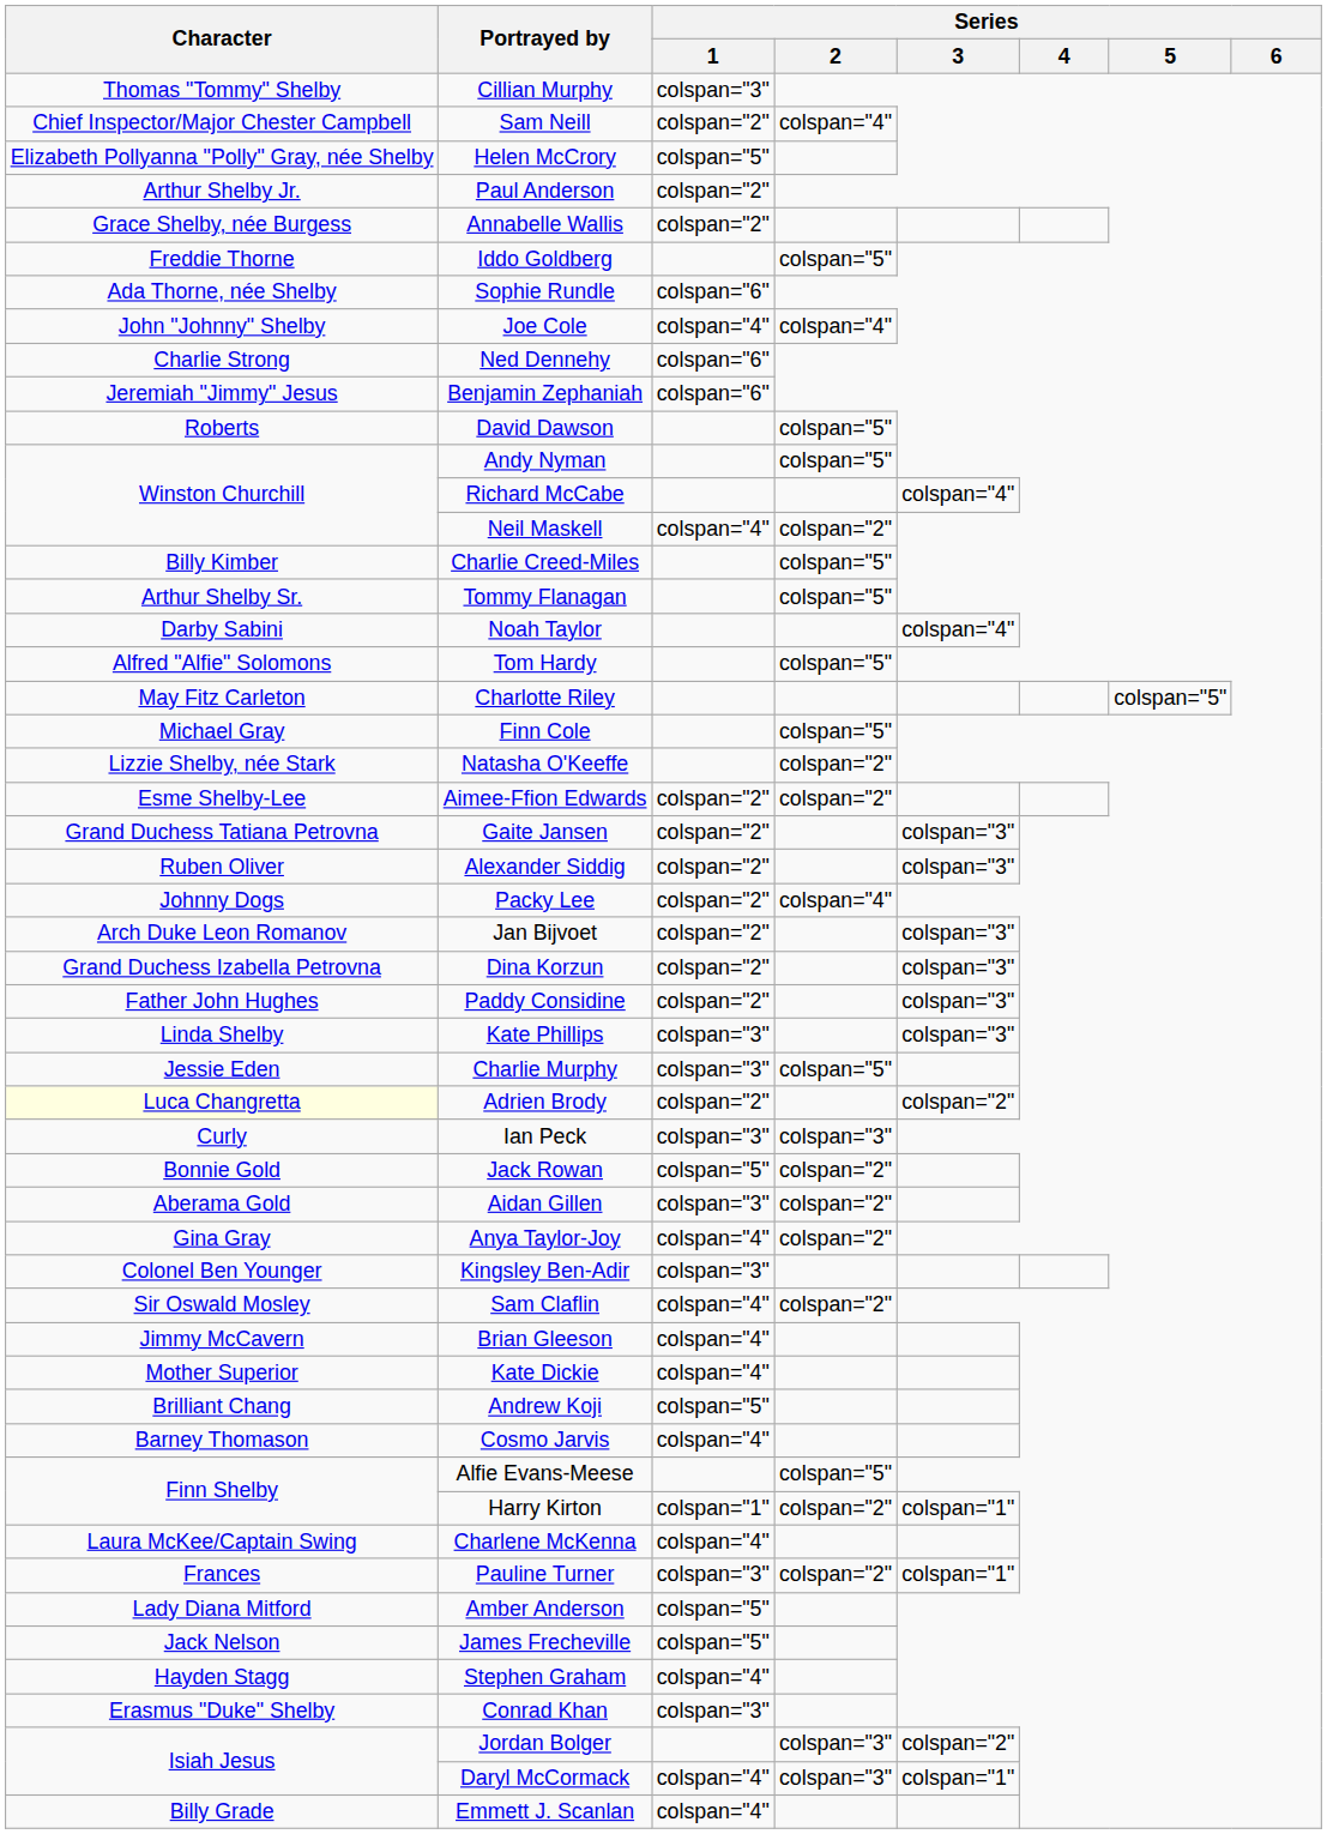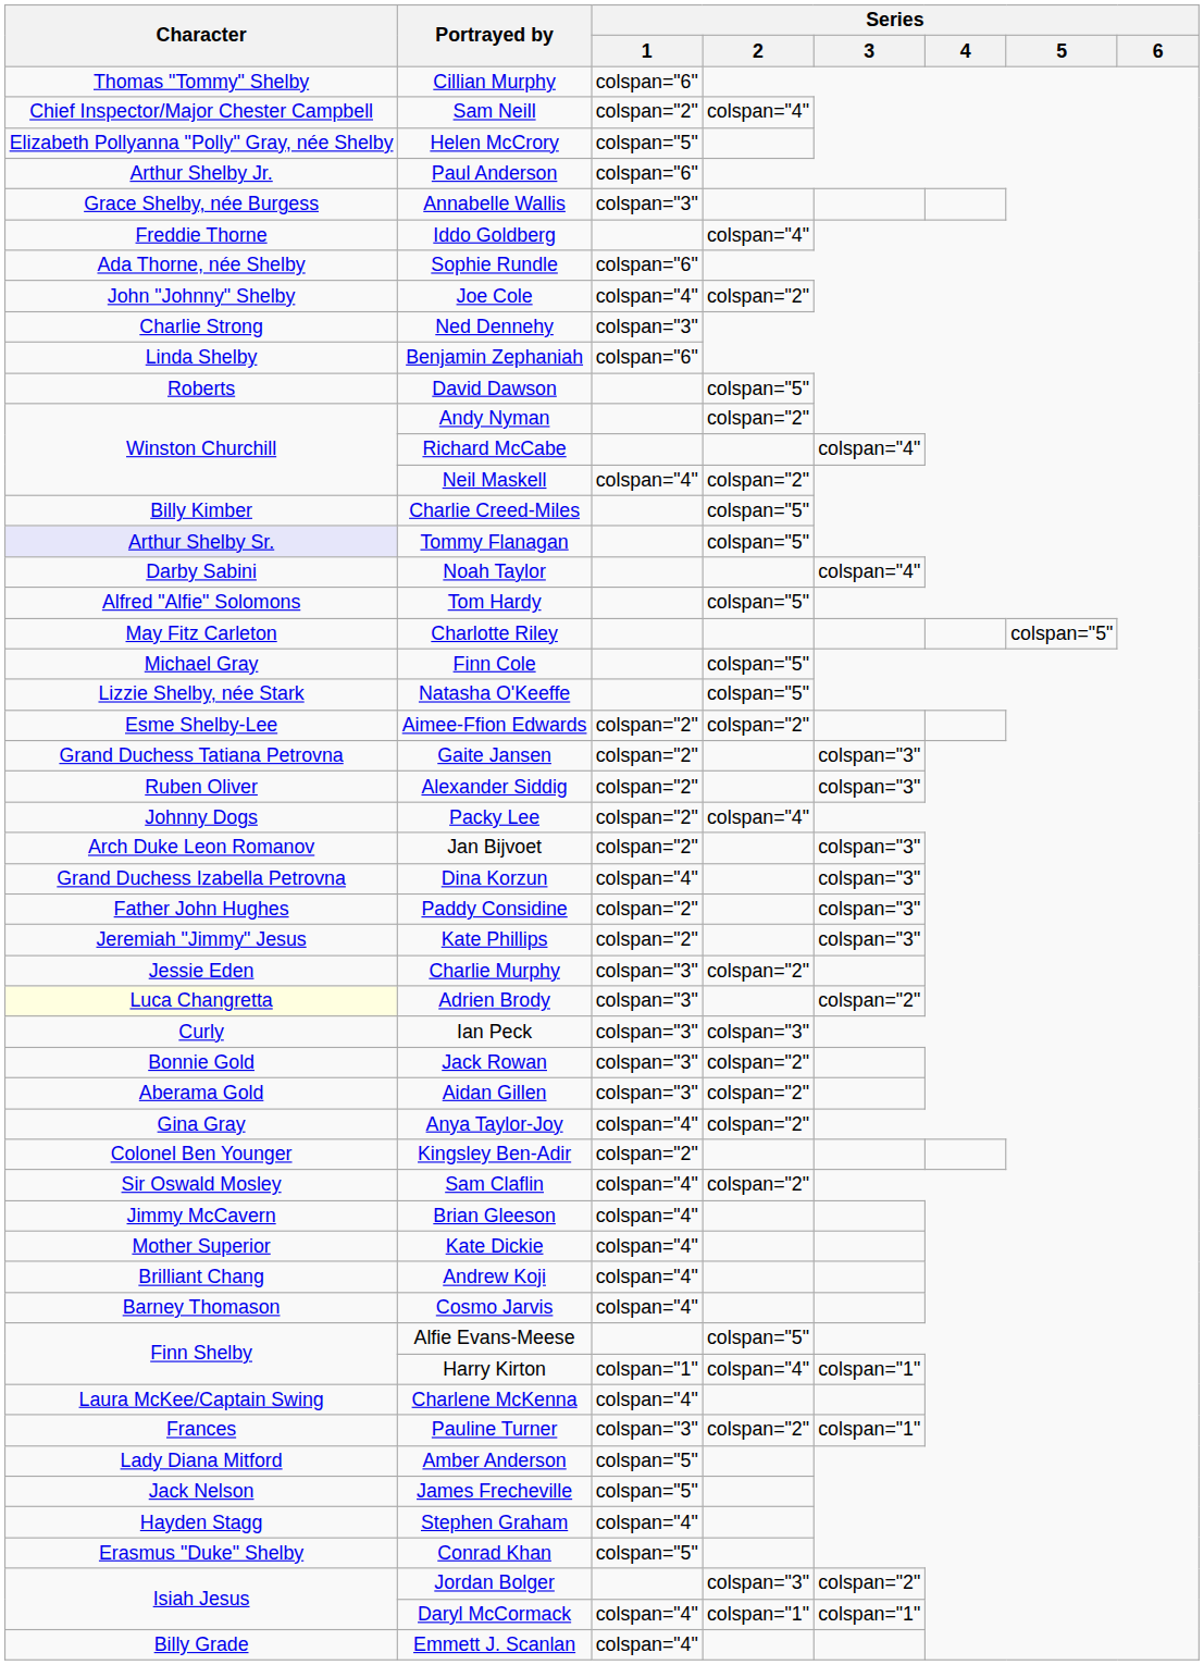 <table class="wikitable plainrowheaders" style="text-align:center;">
 <tr>
 <th scope="col" rowspan="2">Character</th>
 <th scope="col" rowspan="2">Portrayed by</th>
 <th scope="col" colspan="6">Series</th>
 </tr>
 <tr>
 <th style="width:60px;">1</th>
 <th style="width:60px;">2</th>
 <th style="width:60px;">3</th>
 <th style="width:60px;">4</th>
 <th style="width:60px;">5</th>
 <th style="width:60px;">6</th>
 </tr>
 <tr>
 <td scope="row"><a href='#'>Thomas "Tommy" Shelby</a></td>
 <td><a href='#'>Cillian Murphy</a></td>
-<td>colspan="3" </td>
+<td>colspan="6" </td>
 </tr>
 <tr>
 <td scope="row"><a href='#'> Chief Inspector/Major Chester Campbell</a></td>
 <td><a href='#'>Sam Neill</a></td>
 <td>colspan="2" </td>
 <td>colspan="4" </td>
 </tr>
 <tr>
 <td scope="row"><a href='#'>Elizabeth Pollyanna "Polly" Gray, née Shelby</a></td>
 <td><a href='#'>Helen McCrory</a></td>
 <td>colspan="5" </td>
 <td></td>
 </tr>
 <tr>
 <td scope="row"><a href='#'>Arthur Shelby Jr.</a></td>
 <td><a href='#'>Paul Anderson</a></td>
-<td>colspan="2" </td>
+<td>colspan="6" </td>
 </tr>
 <tr>
 <td scope="row"><a href='#'>Grace Shelby, née Burgess</a></td>
 <td><a href='#'>Annabelle Wallis</a></td>
-<td>colspan="2" </td>
+<td>colspan="3" </td>
 <td></td>
 <td></td>
 <td></td>
 </tr>
 <tr>
 <td scope="row"><a href='#'>Freddie Thorne</a></td>
 <td><a href='#'>Iddo Goldberg</a></td>
 <td></td>
-<td>colspan="5" </td>
+<td>colspan="4" </td>
 </tr>
 <tr>
 <td scope="row"><a href='#'>Ada Thorne, née Shelby</a></td>
 <td><a href='#'>Sophie Rundle</a></td>
 <td>colspan="6" </td>
 </tr>
 <tr>
 <td scope="row"><a href='#'>John "Johnny" Shelby</a></td>
 <td><a href='#'>Joe Cole</a></td>
 <td>colspan="4" </td>
-<td>colspan="4" </td>
+<td>colspan="2" </td>
 </tr>
 <tr>
 <td scope="row"><a href='#'> Charlie Strong</a></td>
 <td><a href='#'>Ned Dennehy</a></td>
-<td>colspan="6" </td>
+<td>colspan="3" </td>
 </tr>
 <tr>
-<td scope="row"><a href='#'>Jeremiah "Jimmy" Jesus</a></td>
+<td scope="row"><a href='#'>Linda Shelby</a></td>
 <td><a href='#'>Benjamin Zephaniah</a></td>
 <td>colspan="6" </td>
 </tr>
 <tr>
 <td scope="row"><a href='#'> Roberts</a></td>
 <td><a href='#'>David Dawson</a></td>
 <td></td>
 <td>colspan="5" </td>
 </tr>
 <tr>
 <td rowspan="3" scope="row"><a href='#'>Winston Churchill</a></td>
 <td><a href='#'>Andy Nyman</a></td>
 <td></td>
-<td>colspan="5" </td>
+<td>colspan="2" </td>
 </tr>
 <tr>
 <td><a href='#'>Richard McCabe</a></td>
 <td></td>
 <td></td>
 <td>colspan="4" </td>
 </tr>
 <tr>
 <td><a href='#'>Neil Maskell</a></td>
 <td>colspan="4" </td>
 <td>colspan="2" </td>
 </tr>
 <tr>
 <td scope="row"><a href='#'>Billy Kimber</a></td>
 <td><a href='#'>Charlie Creed-Miles</a></td>
 <td></td>
 <td>colspan="5" </td>
 </tr>
 <tr>
-<td scope="row"><a href='#'>Arthur Shelby Sr.</a></td>
+<td scope="row" style="background: lavender;"><a href='#'>Arthur Shelby Sr.</a></td>
 <td><a href='#'>Tommy Flanagan</a></td>
 <td></td>
 <td>colspan="5" </td>
 </tr>
 <tr>
 <td scope="row"><a href='#'>Darby Sabini</a></td>
 <td><a href='#'>Noah Taylor</a></td>
 <td></td>
 <td></td>
 <td>colspan="4" </td>
 </tr>
 <tr>
 <td scope="row"><a href='#'>Alfred "Alfie" Solomons</a></td>
 <td><a href='#'>Tom Hardy</a></td>
 <td></td>
 <td>colspan="5" </td>
 </tr>
 <tr>
 <td scope="row"><a href='#'>May Fitz Carleton</a></td>
 <td><a href='#'>Charlotte Riley</a></td>
 <td></td>
 <td></td>
 <td></td>
 <td></td>
 <td>colspan="5" </td>
 </tr>
 <tr>
 <td scope="row"><a href='#'>Michael Gray</a></td>
 <td><a href='#'>Finn Cole</a></td>
 <td></td>
 <td>colspan="5" </td>
 </tr>
 <tr>
 <td scope="row"><a href='#'>Lizzie Shelby, née Stark</a></td>
 <td><a href='#'>Natasha O'Keeffe</a></td>
 <td></td>
-<td>colspan="2" </td>
+<td>colspan="5" </td>
 </tr>
 <tr>
 <td scope="row"><a href='#'> Esme Shelby-Lee</a></td>
 <td><a href='#'>Aimee-Ffion Edwards</a></td>
 <td>colspan="2" </td>
 <td>colspan="2" </td>
 <td></td>
 <td></td>
 </tr>
 <tr>
 <td scope="row"><a href='#'>Grand Duchess Tatiana Petrovna</a></td>
 <td><a href='#'>Gaite Jansen</a></td>
 <td>colspan="2" </td>
 <td></td>
 <td>colspan="3" </td>
 </tr>
 <tr>
 <td scope="row"><a href='#'>Ruben Oliver</a></td>
 <td><a href='#'>Alexander Siddig</a></td>
 <td>colspan="2" </td>
 <td></td>
 <td>colspan="3" </td>
 </tr>
 <tr>
 <td scope="row"><a href='#'>Johnny Dogs</a></td>
 <td><a href='#'>Packy Lee</a></td>
 <td>colspan="2" </td>
 <td>colspan="4" </td>
 </tr>
 <tr>
 <td scope="row"><a href='#'>Arch Duke Leon Romanov</a></td>
 <td>Jan Bijvoet</td>
 <td>colspan="2" </td>
 <td></td>
 <td>colspan="3" </td>
 </tr>
 <tr>
 <td scope="row"><a href='#'>Grand Duchess Izabella Petrovna</a></td>
 <td><a href='#'>Dina Korzun</a></td>
-<td>colspan="2" </td>
+<td>colspan="4" </td>
 <td></td>
 <td>colspan="3" </td>
 </tr>
 <tr>
 <td scope="row"><a href='#'>Father John Hughes</a></td>
 <td><a href='#'>Paddy Considine</a></td>
 <td>colspan="2" </td>
 <td></td>
 <td>colspan="3" </td>
 </tr>
 <tr>
-<td scope="row"><a href='#'>Linda Shelby</a></td>
+<td scope="row"><a href='#'>Jeremiah "Jimmy" Jesus</a></td>
 <td><a href='#'>Kate Phillips</a></td>
-<td>colspan="3" </td>
+<td>colspan="2" </td>
 <td></td>
 <td>colspan="3" </td>
 </tr>
 <tr>
 <td scope="row"><a href='#'>Jessie Eden</a></td>
 <td><a href='#'>Charlie Murphy</a></td>
 <td>colspan="3" </td>
-<td>colspan="5" </td>
+<td>colspan="2" </td>
 <td></td>
 </tr>
 <tr>
 <td scope="row" style="background: lightyellow;"><a href='#'>Luca Changretta</a></td>
 <td><a href='#'>Adrien Brody</a></td>
-<td>colspan="2" </td>
+<td>colspan="3" </td>
 <td></td>
 <td>colspan="2" </td>
 </tr>
 <tr>
 <td scope="row"><a href='#'> Curly</a></td>
 <td>Ian Peck</td>
 <td>colspan="3" </td>
 <td>colspan="3" </td>
 </tr>
 <tr>
 <td scope="row"><a href='#'>Bonnie Gold</a></td>
 <td><a href='#'>Jack Rowan</a></td>
-<td>colspan="5" </td>
+<td>colspan="3" </td>
 <td>colspan="2" </td>
 <td></td>
 </tr>
 <tr>
 <td scope="row"><a href='#'>Aberama Gold</a></td>
 <td><a href='#'>Aidan Gillen</a></td>
 <td>colspan="3" </td>
 <td>colspan="2" </td>
 <td></td>
 </tr>
 <tr>
 <td scope="row"><a href='#'> Gina Gray</a></td>
 <td><a href='#'>Anya Taylor-Joy</a></td>
 <td>colspan="4" </td>
 <td>colspan="2" </td>
 </tr>
 <tr>
 <td scope="row"><a href='#'>Colonel Ben Younger</a></td>
 <td><a href='#'>Kingsley Ben-Adir</a></td>
-<td>colspan="3" </td>
+<td>colspan="2" </td>
 <td></td>
 <td></td>
 <td></td>
 </tr>
 <tr>
 <td scope="row"><a href='#'>Sir Oswald Mosley</a></td>
 <td><a href='#'>Sam Claflin</a></td>
 <td>colspan="4" </td>
 <td>colspan="2" </td>
 </tr>
 <tr>
 <td scope="row"><a href='#'>Jimmy McCavern</a></td>
 <td><a href='#'>Brian Gleeson</a></td>
 <td>colspan="4" </td>
 <td></td>
 <td></td>
 </tr>
 <tr>
 <td scope="row"><a href='#'> Mother Superior</a></td>
 <td><a href='#'>Kate Dickie</a></td>
 <td>colspan="4" </td>
 <td></td>
 <td></td>
 </tr>
 <tr>
 <td scope="row"><a href='#'> Brilliant Chang</a></td>
 <td><a href='#'>Andrew Koji</a></td>
-<td>colspan="5" </td>
+<td>colspan="4" </td>
 <td></td>
 <td></td>
 </tr>
 <tr>
 <td scope="row"><a href='#'>Barney Thomason</a></td>
 <td><a href='#'>Cosmo Jarvis</a></td>
 <td>colspan="4" </td>
 <td></td>
 <td></td>
 </tr>
 <tr>
 <td rowspan="2" scope="row"><a href='#'>Finn Shelby</a></td>
 <td>Alfie Evans-Meese</td>
 <td></td>
 <td>colspan="5" </td>
 </tr>
 <tr>
 <td>Harry Kirton</td>
 <td>colspan="1" </td>
-<td>colspan="2" </td>
+<td>colspan="4" </td>
 <td>colspan="1" </td>
 </tr>
 <tr>
 <td scope="row"><a href='#'>Laura McKee/Captain Swing</a></td>
 <td><a href='#'>Charlene McKenna</a></td>
 <td>colspan="4" </td>
 <td></td>
 <td></td>
 </tr>
 <tr>
 <td scope="row"><a href='#'>Frances</a></td>
 <td><a href='#'>Pauline Turner</a></td>
 <td>colspan="3" </td>
 <td>colspan="2" </td>
 <td>colspan="1" </td>
 </tr>
 <tr>
 <td scope="row"><a href='#'>Lady Diana Mitford</a> </td>
 <td><a href='#'>Amber Anderson</a></td>
 <td>colspan="5" </td>
 <td></td>
 </tr>
 <tr>
 <td scope="row"><a href='#'> Jack Nelson</a></td>
 <td><a href='#'>James Frecheville</a></td>
 <td>colspan="5" </td>
 <td></td>
 </tr>
 <tr>
 <td scope="row"><a href='#'>Hayden Stagg</a></td>
 <td><a href='#'>Stephen Graham</a></td>
 <td>colspan="4" </td>
 <td></td>
 </tr>
 <tr>
 <td scope="row"><a href='#'>Erasmus "Duke" Shelby</a></td>
 <td><a href='#'>Conrad Khan</a></td>
-<td>colspan="3" </td>
+<td>colspan="5" </td>
 <td></td>
 </tr>
 <tr>
 <td rowspan="2" scope="row"><a href='#'>Isiah Jesus</a></td>
 <td><a href='#'>Jordan Bolger</a></td>
 <td></td>
 <td>colspan="3" </td>
 <td>colspan="2" </td>
 </tr>
 <tr>
 <td><a href='#'>Daryl McCormack</a></td>
 <td>colspan="4" </td>
-<td>colspan="3" </td>
+<td>colspan="1" </td>
 <td>colspan="1" </td>
 </tr>
 <tr>
 <td scope="row"><a href='#'>Billy Grade</a></td>
 <td><a href='#'>Emmett J. Scanlan</a></td>
 <td>colspan="4" </td>
 <td></td>
 <td></td>
 </tr>
 </table>
